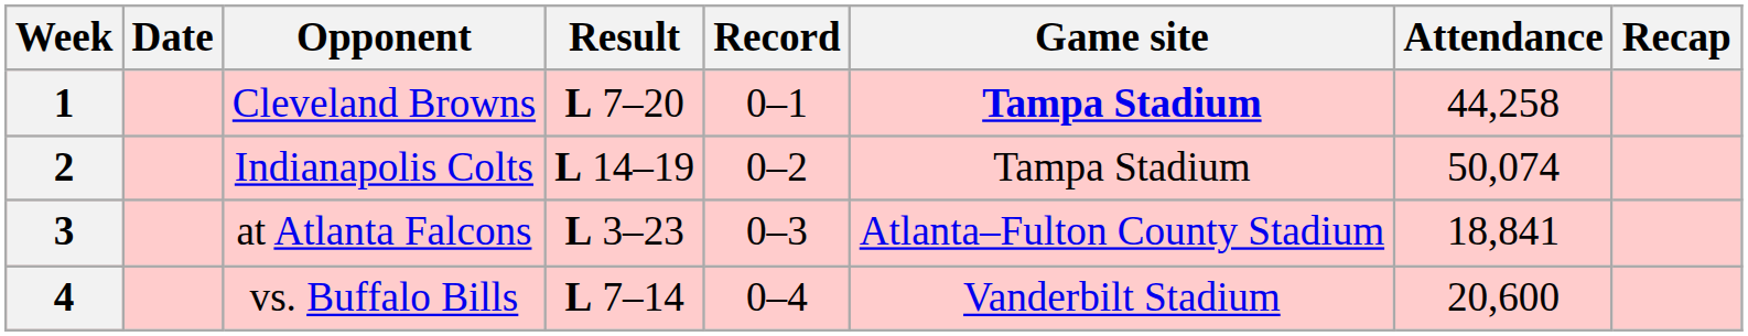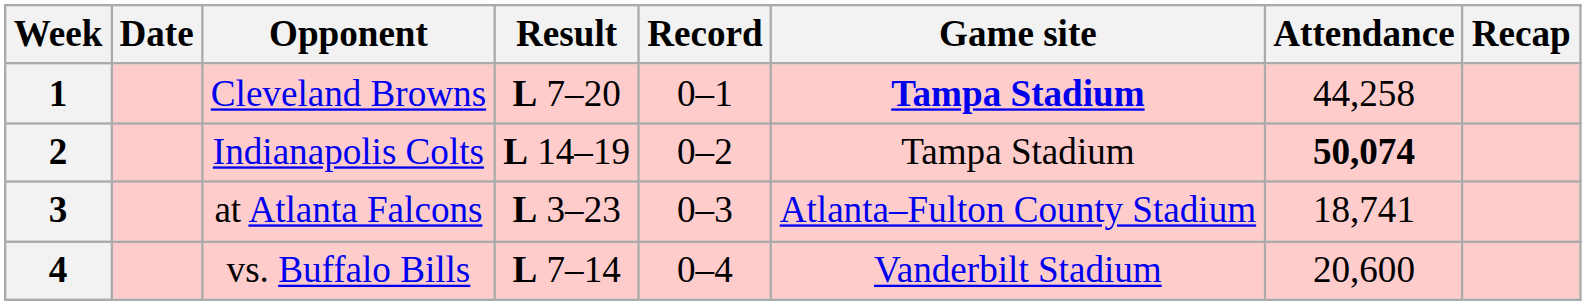 <table class="wikitable" style="text-align:center">
 <tr>
 <th>Week</th>
 <th>Date</th>
 <th>Opponent</th>
 <th>Result</th>
 <th>Record</th>
 <th>Game site</th>
 <th>Attendance</th>
 <th>Recap</th>
 </tr>
 <tr style="background:#fcc">
 <th>1</th>
 <td></td>
 <td><a href='#'>Cleveland Browns</a></td>
 <td><strong>L</strong> 7–20</td>
 <td>0–1</td>
 <td><strong><a href='#'>Tampa Stadium</a></strong></td>
 <td>44,258</td>
 <td></td>
 </tr>
 <tr style="background:#fcc">
 <th>2</th>
 <td></td>
 <td><a href='#'>Indianapolis Colts</a></td>
 <td><strong>L</strong> 14–19</td>
 <td>0–2</td>
 <td>Tampa Stadium</td>
-<td>50,074</td>
+<td><strong>50,074</strong></td>
 <td></td>
 </tr>
 <tr style="background:#fcc">
 <th>3</th>
 <td></td>
 <td>at <a href='#'>Atlanta Falcons</a></td>
 <td><strong>L</strong> 3–23</td>
 <td>0–3</td>
 <td><a href='#'>Atlanta–Fulton County Stadium</a></td>
-<td>18,841</td>
+<td>18,741</td>
 <td></td>
 </tr>
 <tr style="background:#fcc">
 <th>4</th>
 <td></td>
 <td>vs. <a href='#'>Buffalo Bills</a></td>
 <td><strong>L</strong> 7–14</td>
 <td>0–4</td>
 <td><a href='#'>Vanderbilt Stadium</a> </td>
 <td>20,600</td>
 <td></td>
 </tr>
 </table>
